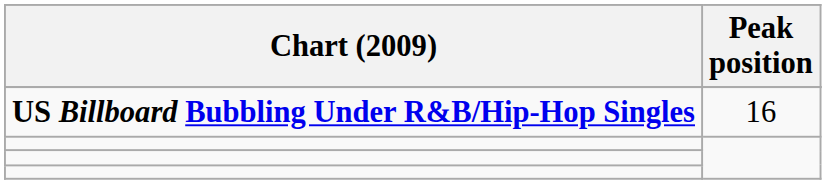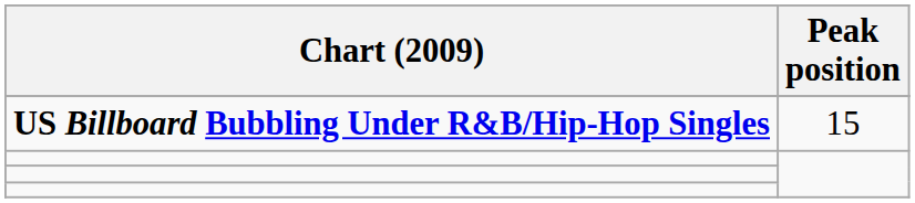 <table class="wikitable sortable">
 <tr>
 <th>Chart (2009)</th>
 <th>Peak<br>position</th>
 </tr>
 <tr>
 </tr>
 <tr>
 </tr>
 <tr>
 </tr>
 <tr>
 </tr>
 <tr>
 </tr>
 <tr>
 </tr>
 <tr>
 </tr>
 <tr>
 <td align="left"><strong>US <em>Billboard</em> <a href='#'>Bubbling Under R&B/Hip-Hop Singles</a></strong></td>
-<td style="text-align:center;">16</td>
+<td style="text-align:center;">15</td>
 </tr>
 <tr>
 <td></td>
 </tr>
 <tr>
 <td></td>
 </tr>
 <tr>
 <td></td>
 </tr>
 </table>
